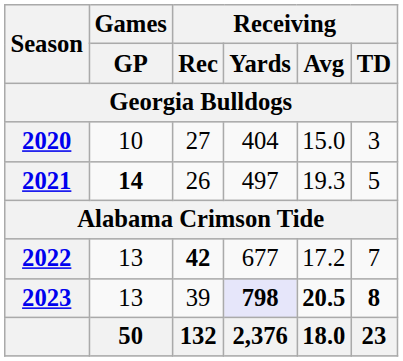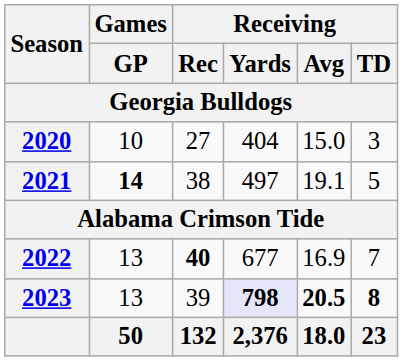 <table class="wikitable" style="text-align:center;">
 <tr>
 <th rowspan="2">Season</th>
 <th>Games</th>
 <th colspan="4">Receiving</th>
 </tr>
 <tr>
 <th>GP</th>
 <th>Rec</th>
 <th>Yards</th>
 <th>Avg</th>
 <th>TD</th>
 </tr>
 <tr>
 <th colspan="6">Georgia Bulldogs</th>
 </tr>
 <tr>
 <th><a href='#'>2020</a></th>
 <td>10</td>
 <td>27</td>
 <td>404</td>
 <td>15.0</td>
 <td>3</td>
 </tr>
 <tr>
 <th><a href='#'>2021</a></th>
 <td><strong>14</strong></td>
-<td>26</td>
+<td>38</td>
 <td>497</td>
-<td>19.3</td>
+<td>19.1</td>
 <td>5</td>
 </tr>
 <tr>
 <th colspan="6">Alabama Crimson Tide</th>
 </tr>
 <tr>
 <th><a href='#'>2022</a></th>
 <td>13</td>
-<td><strong>42</strong></td>
+<td><strong>40</strong></td>
 <td>677</td>
-<td>17.2</td>
+<td>16.9</td>
 <td>7</td>
 </tr>
 <tr>
 <th><a href='#'>2023</a></th>
 <td>13</td>
 <td>39</td>
 <td style="background: lavender;"><strong>798</strong></td>
 <td><strong>20.5</strong></td>
 <td><strong>8</strong></td>
 </tr>
 <tr>
 <th></th>
 <th>50</th>
 <th>132</th>
 <th>2,376</th>
 <th>18.0</th>
 <th>23</th>
 </tr>
 </table>
